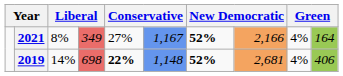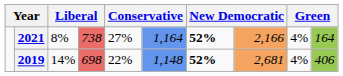 <table class="wikitable" style="float:right; width:400; font-size:90%; margin-left:1em;">
 <tr>
 <th colspan="2" scope="col">Year</th>
 <th colspan="2" scope="col"><a href='#'>Liberal</a></th>
 <th colspan="2" scope="col"><a href='#'>Conservative</a></th>
 <th colspan="2" scope="col"><a href='#'>New Democratic</a></th>
 <th colspan="2" scope="col"><a href='#'>Green</a></th>
 </tr>
 <tr>
 <td rowspan="2" style="width: 0.25em; background-color: "></td>
 <th><a href='#'>2021</a></th>
 <td>8%</td>
-<td style="text-align:right; background:#EA6D6A;"><em>349</em></td>
+<td style="text-align:right; background:#EA6D6A;"><em>738</em></td>
 <td>27%</td>
-<td style="text-align:right; background:#6495ED;"><em>1,167</em></td>
+<td style="text-align:right; background:#6495ED;"><em>1,164</em></td>
 <td><strong>52%</strong></td>
 <td style="text-align:right; background:#F4A460;"><em>2,166</em></td>
 <td>4%</td>
 <td style="text-align:right; background:#99C955;"><em>164</em></td>
 </tr>
 <tr>
 <th><a href='#'>2019</a></th>
 <td>14%</td>
 <td style="text-align:right; background:#EA6D6A;"><em>698</em></td>
-<td><strong>22%</strong></td>
+<td>22%</td>
 <td style="text-align:right; background:#6495ED;"><em>1,148</em></td>
 <td><strong>52%</strong></td>
 <td style="text-align:right; background:#F4A460;"><em>2,681</em></td>
 <td>4%</td>
 <td style="text-align:right; background:#99C955;"><em>406</em></td>
 </tr>
 </table>
